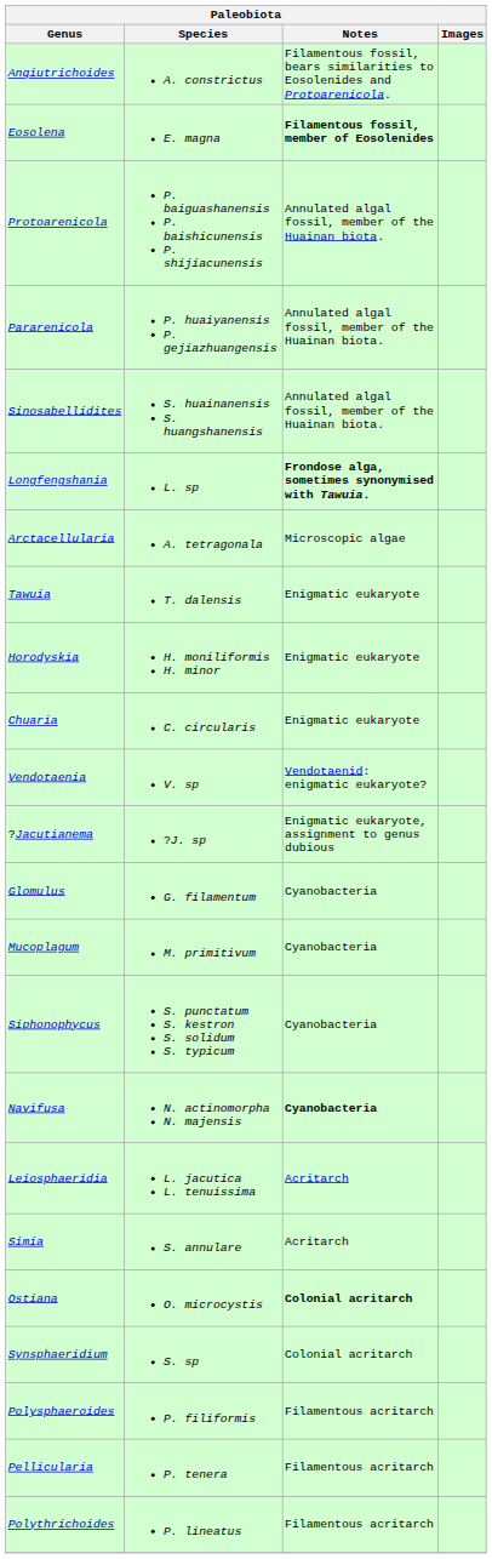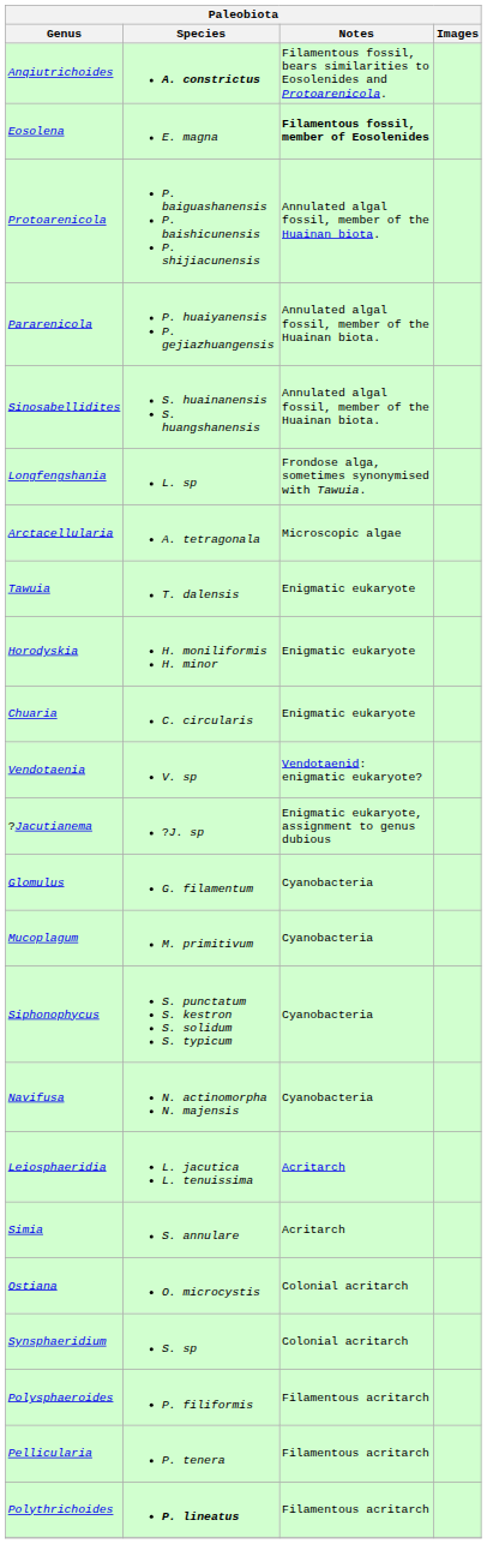 <table class="wikitable sortable" style="background:white; width:60%;">
 <tr>
 <th colspan="5" align="center">Paleobiota</th>
 </tr>
 <tr>
 <th>Genus</th>
 <th>Species</th>
 <th>Notes</th>
 <th>Images</th>
 </tr>
 <tr>
 <td style="background:#D1FFCF;"><em><a href='#'>Anqiutrichoides</a></em></td>
-<td style="background:#D1FFCF;"><br><ul><li><em>A. constrictus</em></li></ul></td>
+<td style="background:#D1FFCF;"><strong><br><ul><li><em>A. constrictus</em></li></ul></strong></td>
 <td style="background:#D1FFCF;">Filamentous fossil, bears similarities to Eosolenides and <em><a href='#'>Protoarenicola</a></em>.</td>
 <td style="background:#D1FFCF;"></td>
 </tr>
 <tr>
 <td style="background:#D1FFCF;"><em><a href='#'>Eosolena</a></em></td>
 <td style="background:#D1FFCF;"><br><ul><li><em>E. magna</em></li></ul></td>
 <td style="background:#D1FFCF;"><strong>Filamentous fossil, member of Eosolenides</strong></td>
 <td style="background:#D1FFCF;"></td>
 </tr>
 <tr>
 <td style="background:#D1FFCF;"><em><a href='#'>Protoarenicola</a></em></td>
 <td style="background:#D1FFCF;"><br><ul><li><em>P. baiguashanensis</em></li><li><em>P. baishicunensis</em></li><li><em>P. shijiacunensis</em></li></ul></td>
 <td style="background:#D1FFCF;">Annulated algal fossil, member of the <a href='#'>Huainan biota</a>.</td>
 <td style="background:#D1FFCF;"></td>
 </tr>
 <tr>
 <td style="background:#D1FFCF;"><em><a href='#'>Pararenicola</a></em></td>
 <td style="background:#D1FFCF;"><br><ul><li><em>P. huaiyanensis</em></li><li><em>P. gejiazhuangensis</em></li></ul></td>
 <td style="background:#D1FFCF;">Annulated algal fossil, member of the Huainan biota.</td>
 <td style="background:#D1FFCF;"></td>
 </tr>
 <tr>
 <td style="background:#D1FFCF;"><em><a href='#'>Sinosabellidites</a></em></td>
 <td style="background:#D1FFCF;"><br><ul><li><em>S. huainanensis</em></li><li><em>S. huangshanensis</em></li></ul></td>
 <td style="background:#D1FFCF;">Annulated algal fossil, member of the Huainan biota.</td>
 <td style="background:#D1FFCF;"></td>
 </tr>
 <tr>
 <td style="background:#D1FFCF;"><em><a href='#'>Longfengshania</a></em></td>
 <td style="background:#D1FFCF;"><br><ul><li><em>L. sp</em></li></ul></td>
-<td style="background:#D1FFCF;"><strong>Frondose alga, sometimes synonymised with <em>Tawuia</em>.</strong></td>
+<td style="background:#D1FFCF;">Frondose alga, sometimes synonymised with <em>Tawuia</em>.</td>
 <td style="background:#D1FFCF;"></td>
 </tr>
 <tr>
 <td style="background:#D1FFCF;"><em><a href='#'>Arctacellularia</a></em></td>
 <td style="background:#D1FFCF;"><br><ul><li><em>A. tetragonala</em></li></ul></td>
 <td style="background:#D1FFCF;">Microscopic algae</td>
 <td style="background:#D1FFCF;"></td>
 </tr>
 <tr>
 <td style="background:#D1FFCF;"><em><a href='#'>Tawuia</a></em></td>
 <td style="background:#D1FFCF;"><br><ul><li><em>T. dalensis</em></li></ul></td>
 <td style="background:#D1FFCF;">Enigmatic eukaryote</td>
 <td style="background:#D1FFCF;"></td>
 </tr>
 <tr>
 <td style="background:#D1FFCF;"><em><a href='#'>Horodyskia</a></em></td>
 <td style="background:#D1FFCF;"><br><ul><li><em>H. moniliformis</em></li><li><em>H. minor</em></li></ul></td>
 <td style="background:#D1FFCF;">Enigmatic eukaryote</td>
 <td style="background:#D1FFCF;"></td>
 </tr>
 <tr>
 <td style="background:#D1FFCF;"><em><a href='#'>Chuaria</a></em></td>
 <td style="background:#D1FFCF;"><br><ul><li><em>C. circularis</em></li></ul></td>
 <td style="background:#D1FFCF;">Enigmatic eukaryote</td>
 <td style="background:#D1FFCF;"></td>
 </tr>
 <tr>
 <td style="background:#D1FFCF;"><em><a href='#'>Vendotaenia</a></em></td>
 <td style="background:#D1FFCF;"><br><ul><li><em>V. sp</em></li></ul></td>
 <td style="background:#D1FFCF;"><a href='#'>Vendotaenid</a>: enigmatic eukaryote?</td>
 <td style="background:#D1FFCF;"></td>
 </tr>
 <tr>
 <td style="background:#D1FFCF;">?<em><a href='#'>Jacutianema</a></em></td>
 <td style="background:#D1FFCF;"><br><ul><li>?<em>J. sp</em></li></ul></td>
 <td style="background:#D1FFCF;">Enigmatic eukaryote, assignment to genus dubious</td>
 <td style="background:#D1FFCF;"></td>
 </tr>
 <tr>
 <td style="background:#D1FFCF;"><em><a href='#'>Glomulus</a></em></td>
 <td style="background:#D1FFCF;"><br><ul><li><em>G. filamentum</em></li></ul></td>
 <td style="background:#D1FFCF;">Cyanobacteria</td>
 <td style="background:#D1FFCF;"></td>
 </tr>
 <tr>
 <td style="background:#D1FFCF;"><em><a href='#'>Mucoplagum</a></em></td>
 <td style="background:#D1FFCF;"><br><ul><li><em>M. primitivum</em></li></ul></td>
 <td style="background:#D1FFCF;">Cyanobacteria</td>
 <td style="background:#D1FFCF;"></td>
 </tr>
 <tr>
 <td style="background:#D1FFCF;"><em><a href='#'>Siphonophycus</a></em></td>
 <td style="background:#D1FFCF;"><br><ul><li><em>S. punctatum</em></li><li><em>S. kestron</em></li><li><em>S. solidum</em></li><li><em>S. typicum</em></li></ul></td>
 <td style="background:#D1FFCF;">Cyanobacteria</td>
 <td style="background:#D1FFCF;"></td>
 </tr>
 <tr>
 <td style="background:#D1FFCF;"><em><a href='#'>Navifusa</a></em></td>
 <td style="background:#D1FFCF;"><br><ul><li><em>N. actinomorpha</em></li><li><em>N. majensis</em></li></ul></td>
-<td style="background:#D1FFCF;"><strong>Cyanobacteria</strong></td>
+<td style="background:#D1FFCF;">Cyanobacteria</td>
 <td style="background:#D1FFCF;"></td>
 </tr>
 <tr>
 <td style="background:#D1FFCF;"><em><a href='#'>Leiosphaeridia</a></em></td>
 <td style="background:#D1FFCF;"><br><ul><li><em>L. jacutica</em></li><li><em>L. tenuissima</em></li></ul></td>
 <td style="background:#D1FFCF;"><a href='#'>Acritarch</a></td>
 <td style="background:#D1FFCF;"></td>
 </tr>
 <tr>
 <td style="background:#D1FFCF;"><em><a href='#'>Simia</a></em></td>
 <td style="background:#D1FFCF;"><br><ul><li><em>S. annulare</em></li></ul></td>
 <td style="background:#D1FFCF;">Acritarch</td>
 <td style="background:#D1FFCF;"></td>
 </tr>
 <tr>
 <td style="background:#D1FFCF;"><em><a href='#'>Ostiana</a></em></td>
 <td style="background:#D1FFCF;"><br><ul><li><em>O. microcystis</em></li></ul></td>
-<td style="background:#D1FFCF;"><strong>Colonial acritarch</strong></td>
+<td style="background:#D1FFCF;">Colonial acritarch</td>
 <td style="background:#D1FFCF;"></td>
 </tr>
 <tr>
 <td style="background:#D1FFCF;"><em><a href='#'>Synsphaeridium</a></em></td>
 <td style="background:#D1FFCF;"><br><ul><li><em>S. sp</em></li></ul></td>
 <td style="background:#D1FFCF;">Colonial acritarch</td>
 <td style="background:#D1FFCF;"></td>
 </tr>
 <tr>
 <td style="background:#D1FFCF;"><em><a href='#'>Polysphaeroides</a></em></td>
 <td style="background:#D1FFCF;"><br><ul><li><em>P. filiformis</em></li></ul></td>
 <td style="background:#D1FFCF;">Filamentous acritarch</td>
 <td style="background:#D1FFCF;"></td>
 </tr>
 <tr>
 <td style="background:#D1FFCF;"><em><a href='#'>Pellicularia</a></em></td>
 <td style="background:#D1FFCF;"><br><ul><li><em>P. tenera</em></li></ul></td>
 <td style="background:#D1FFCF;">Filamentous acritarch</td>
 <td style="background:#D1FFCF;"></td>
 </tr>
 <tr>
 <td style="background:#D1FFCF;"><em><a href='#'>Polythrichoides</a></em></td>
-<td style="background:#D1FFCF;"><br><ul><li><em>P. lineatus</em></li></ul></td>
+<td style="background:#D1FFCF;"><strong><br><ul><li><em>P. lineatus</em></li></ul></strong></td>
 <td style="background:#D1FFCF;">Filamentous acritarch</td>
 <td style="background:#D1FFCF;"></td>
 </tr>
 <tr>
 </tr>
 </table>
